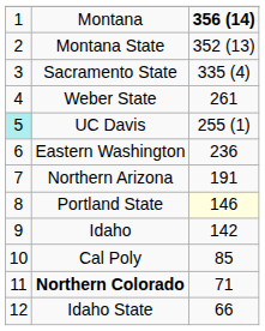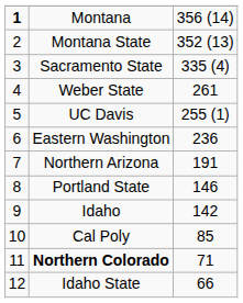 <table class="wikitable" style="display: inline-table;">
 <tr align="center">
 </tr>
 <tr align="center">
-<td>1</td>
+<td><strong>1</strong></td>
 <td>Montana</td>
-<td><strong>356 (14)</strong></td>
+<td>356 (14)</td>
 </tr>
 <tr align="center">
 <td>2</td>
 <td>Montana State</td>
 <td>352 (13)</td>
 </tr>
 <tr align="center">
 <td>3</td>
 <td>Sacramento State</td>
 <td>335 (4)</td>
 </tr>
 <tr align="center">
 <td>4</td>
 <td>Weber State</td>
 <td>261</td>
 </tr>
 <tr align="center">
-<td style="background: paleturquoise;">5</td>
+<td>5</td>
 <td>UC Davis</td>
 <td>255 (1)</td>
 </tr>
 <tr align="center">
 <td>6</td>
 <td>Eastern Washington</td>
 <td>236</td>
 </tr>
 <tr align="center">
 <td>7</td>
 <td>Northern Arizona</td>
 <td>191</td>
 </tr>
 <tr align="center">
 <td>8</td>
 <td>Portland State</td>
-<td style="background: lightyellow;">146</td>
+<td>146</td>
 </tr>
 <tr align="center">
 <td>9</td>
 <td>Idaho</td>
 <td>142</td>
 </tr>
 <tr align="center">
 <td>10</td>
 <td>Cal Poly</td>
 <td>85</td>
 </tr>
 <tr align="center">
 <td>11</td>
 <td><strong>Northern Colorado</strong></td>
 <td>71</td>
 </tr>
 <tr align="center">
 <td>12</td>
 <td>Idaho State</td>
 <td>66</td>
 </tr>
 </table>
